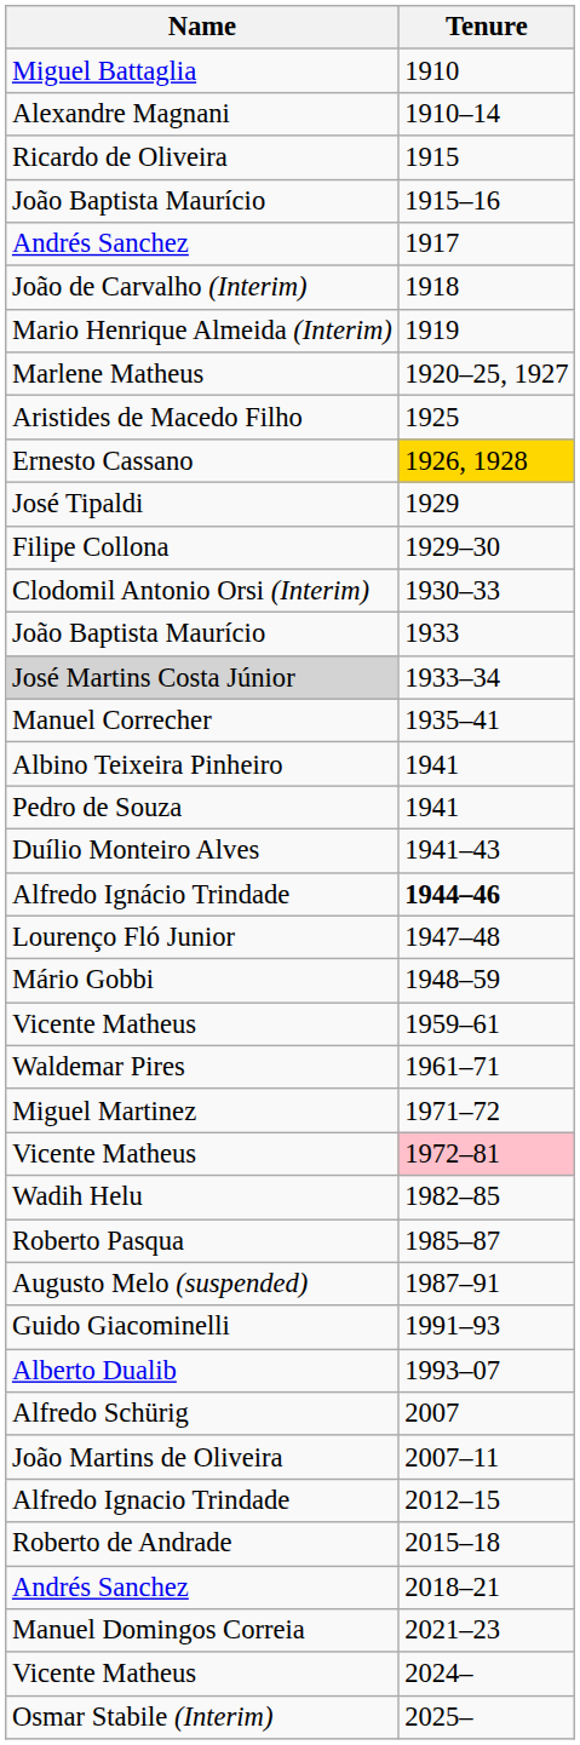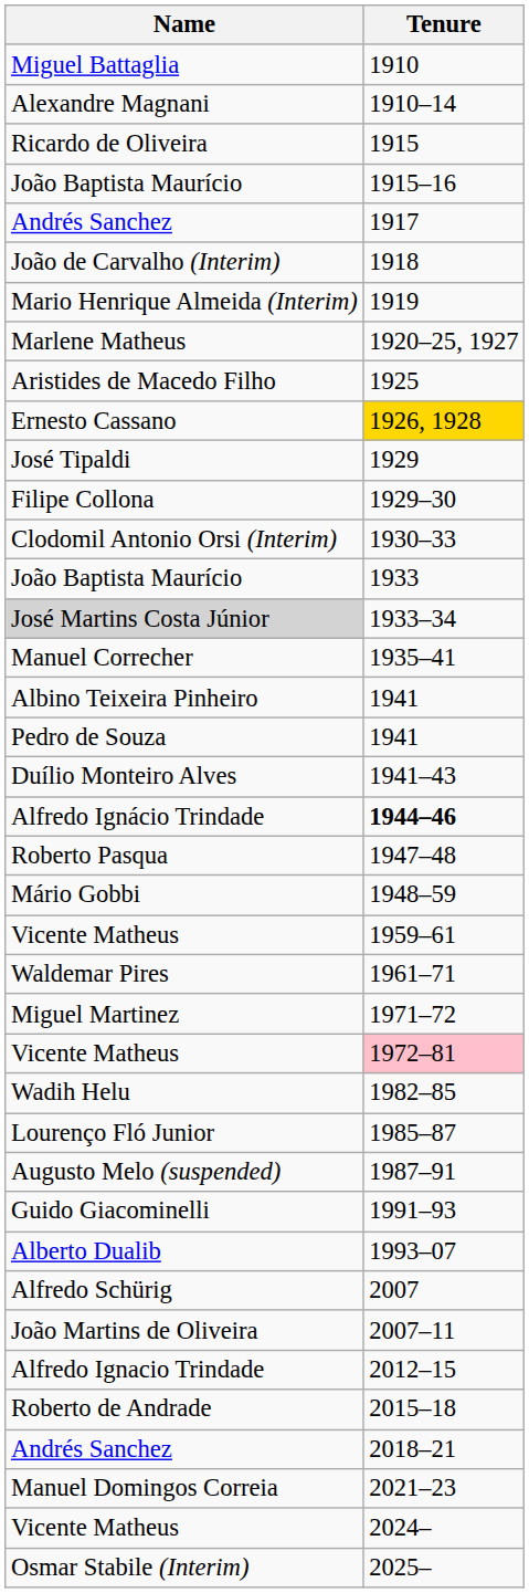 <table class="wikitable sortable">
 <tr>
 <th>Name</th>
 <th>Tenure</th>
 </tr>
 <tr>
 <td align="left"> <a href='#'>Miguel Battaglia</a></td>
 <td>1910</td>
 </tr>
 <tr>
 <td align="left"> Alexandre Magnani</td>
 <td>1910–14</td>
 </tr>
 <tr>
 <td align="left"> Ricardo de Oliveira</td>
 <td>1915</td>
 </tr>
 <tr>
 <td align="left"> João Baptista Maurício</td>
 <td>1915–16</td>
 </tr>
 <tr>
 <td align="left"> <a href='#'>Andrés Sanchez</a></td>
 <td>1917</td>
 </tr>
 <tr>
 <td align="left"> João de Carvalho <em>(Interim)</em></td>
 <td>1918</td>
 </tr>
 <tr>
 <td align="left"> Mario Henrique Almeida <em>(Interim)</em></td>
 <td>1919</td>
 </tr>
 <tr>
 <td align="left"> Marlene Matheus</td>
 <td>1920–25, 1927</td>
 </tr>
 <tr>
 <td align="left"> Aristides de Macedo Filho</td>
 <td>1925</td>
 </tr>
 <tr>
 <td align="left"> Ernesto Cassano</td>
 <td style="background: gold;">1926, 1928</td>
 </tr>
 <tr>
 <td align="left"> José Tipaldi</td>
 <td>1929</td>
 </tr>
 <tr>
 <td align="left"> Filipe Collona</td>
 <td>1929–30</td>
 </tr>
 <tr>
 <td align="left"> Clodomil Antonio Orsi <em>(Interim)</em></td>
 <td>1930–33</td>
 </tr>
 <tr>
 <td align="left"> João Baptista Maurício</td>
 <td>1933</td>
 </tr>
 <tr>
 <td align="left" style="background: lightgrey;"> José Martins Costa Júnior</td>
 <td>1933–34</td>
 </tr>
 <tr>
 <td align="left"> Manuel Correcher</td>
 <td>1935–41</td>
 </tr>
 <tr>
 <td align="left"> Albino Teixeira Pinheiro</td>
 <td>1941</td>
 </tr>
 <tr>
 <td align="left"> Pedro de Souza</td>
 <td>1941</td>
 </tr>
 <tr>
 <td align="left"> Duílio Monteiro Alves</td>
 <td>1941–43</td>
 </tr>
 <tr>
 <td align="left"> Alfredo Ignácio Trindade</td>
 <td><strong>1944–46</strong></td>
 </tr>
 <tr>
-<td align="left"> Lourenço Fló Junior</td>
+<td align="left"> Roberto Pasqua</td>
 <td>1947–48</td>
 </tr>
 <tr>
 <td align="left"> Mário Gobbi</td>
 <td>1948–59</td>
 </tr>
 <tr>
 <td align="left"> Vicente Matheus</td>
 <td>1959–61</td>
 </tr>
 <tr>
 <td align="left"> Waldemar Pires</td>
 <td>1961–71</td>
 </tr>
 <tr>
 <td align="left"> Miguel Martinez</td>
 <td>1971–72</td>
 </tr>
 <tr>
 <td align="left"> Vicente Matheus</td>
 <td style="background: pink;">1972–81</td>
 </tr>
 <tr>
 <td align="left"> Wadih Helu</td>
 <td>1982–85</td>
 </tr>
 <tr>
-<td align="left"> Roberto Pasqua</td>
+<td align="left"> Lourenço Fló Junior</td>
 <td>1985–87</td>
 </tr>
 <tr>
 <td align="left"> Augusto Melo <em>(suspended)</em></td>
 <td>1987–91</td>
 </tr>
 <tr>
 <td align="left"> Guido Giacominelli</td>
 <td>1991–93</td>
 </tr>
 <tr>
 <td align="left"> <a href='#'>Alberto Dualib</a></td>
 <td>1993–07</td>
 </tr>
 <tr>
 <td align="left"> Alfredo Schürig</td>
 <td>2007</td>
 </tr>
 <tr>
 <td align="left"> João Martins de Oliveira</td>
 <td>2007–11</td>
 </tr>
 <tr>
 <td align="left"> Alfredo Ignacio Trindade</td>
 <td>2012–15</td>
 </tr>
 <tr>
 <td align="left"> Roberto de Andrade</td>
 <td>2015–18</td>
 </tr>
 <tr>
 <td align="left"> <a href='#'>Andrés Sanchez</a></td>
 <td>2018–21</td>
 </tr>
 <tr>
 <td align="left"> Manuel Domingos Correia</td>
 <td>2021–23</td>
 </tr>
 <tr>
 <td align="left"> Vicente Matheus</td>
 <td>2024–</td>
 </tr>
 <tr>
 <td align="left"> Osmar Stabile <em>(Interim)</em></td>
 <td>2025–</td>
 </tr>
 </table>
